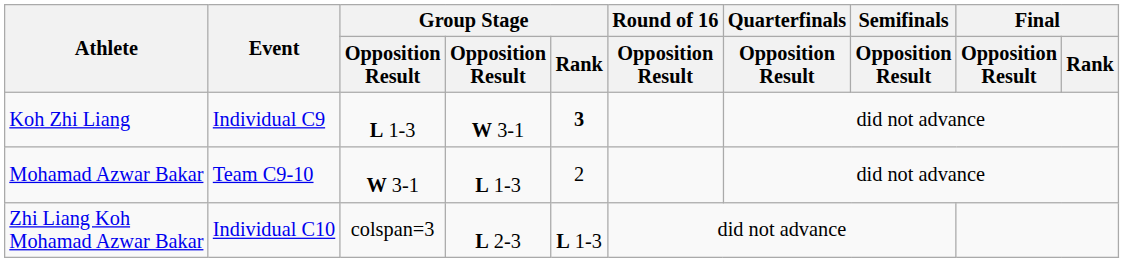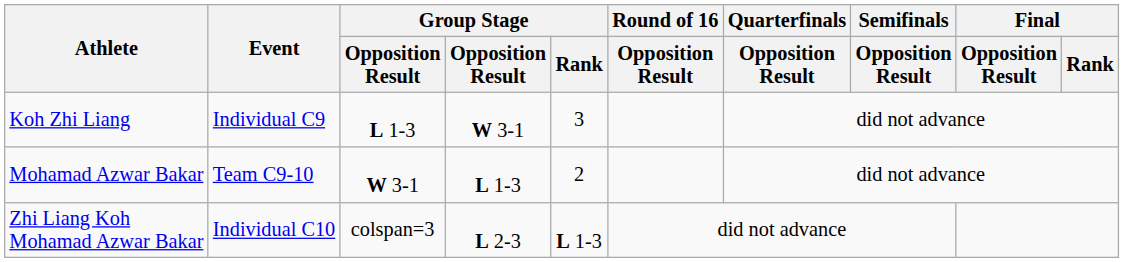 <table class=wikitable>
 <tr>
 <th rowspan="2">Athlete</th>
 <th rowspan="2">Event</th>
 <th colspan="3">Group Stage</th>
 <th>Round of 16</th>
 <th>Quarterfinals</th>
 <th>Semifinals</th>
 <th colspan="2">Final</th>
 </tr>
 <tr>
 <th>Opposition<br>Result</th>
 <th>Opposition<br>Result</th>
 <th>Rank</th>
 <th>Opposition<br>Result</th>
 <th>Opposition<br>Result</th>
 <th>Opposition<br>Result</th>
 <th>Opposition<br>Result</th>
 <th>Rank</th>
 </tr>
 <tr align=center>
 <td align=left><a href='#'>Koh Zhi Liang</a></td>
 <td align=left><a href='#'>Individual C9</a></td>
 <td><br> <strong>L</strong> 1-3</td>
 <td><br> <strong>W</strong> 3-1</td>
-<td><strong>3</strong></td>
+<td>3</td>
 <td></td>
 <td colspan=4>did not advance</td>
 </tr>
 <tr align=center>
 <td align=left><a href='#'>Mohamad Azwar Bakar</a></td>
 <td align=left><a href='#'>Team C9-10</a></td>
 <td><br> <strong>W</strong> 3-1</td>
 <td><br> <strong>L</strong> 1-3</td>
 <td>2</td>
 <td></td>
 <td colspan=4>did not advance</td>
 </tr>
 <tr align=center>
 <td align=left><a href='#'>Zhi Liang Koh</a><br><a href='#'>Mohamad Azwar Bakar</a></td>
 <td align=left><a href='#'>Individual C10</a></td>
 <td>colspan=3 </td>
 <td><br> <strong>L</strong> 2-3</td>
 <td><br> <strong>L</strong> 1-3</td>
 <td colspan=3>did not advance</td>
 </tr>
 </table>
